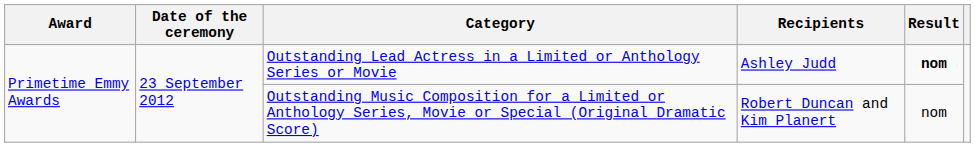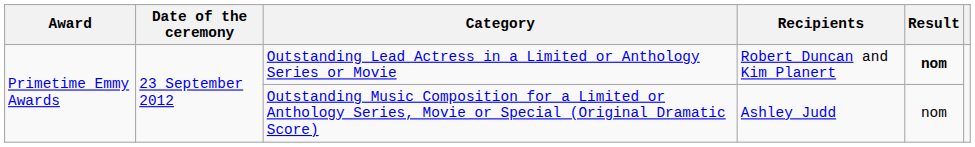 <table class="wikitable plainrowheaders sortable">
 <tr>
 <th scope="col">Award</th>
 <th scope="col">Date of the ceremony</th>
 <th scope="col">Category</th>
 <th scope="col">Recipients</th>
 <th scope="col">Result</th>
 <th class="unsortable" scope="col"></th>
 </tr>
 <tr>
 <td rowspan="2" scope="row"><a href='#'>Primetime Emmy Awards</a></td>
 <td rowspan="2"><a href='#'>23 September 2012</a></td>
 <td><a href='#'>Outstanding Lead Actress in a Limited or Anthology Series or Movie</a></td>
-<td><a href='#'>Ashley Judd</a></td>
+<td><a href='#'>Robert Duncan</a> and <a href='#'>Kim Planert</a></td>
 <td align="center"><strong>nom</strong></td>
 <td rowspan="2"></td>
 </tr>
 <tr>
 <td><a href='#'>Outstanding Music Composition for a Limited or Anthology Series, Movie or Special (Original Dramatic Score)</a></td>
-<td><a href='#'>Robert Duncan</a> and <a href='#'>Kim Planert</a></td>
+<td><a href='#'>Ashley Judd</a></td>
 <td align="center">nom</td>
 </tr>
 </table>
